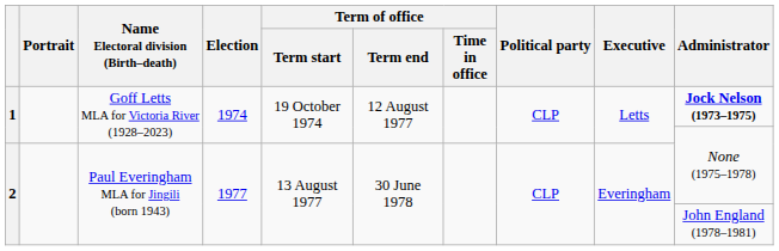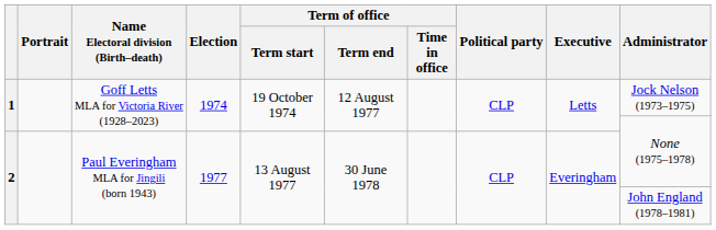 <table class="wikitable" style="text-align:center">
 <tr>
 <th rowspan="2"></th>
 <th rowspan="2">Portrait</th>
 <th rowspan="2">Name<br><small>Electoral division<br>(Birth–death)</small></th>
 <th rowspan="2">Election</th>
 <th colspan="3">Term of office</th>
 <th rowspan="2">Political party</th>
 <th rowspan="2">Executive</th>
 <th rowspan="2">Administrator</th>
 </tr>
 <tr>
 <th width="90px">Term start</th>
 <th width="90px">Term end</th>
 <th width="50px">Time in office</th>
 </tr>
 <tr>
 <th rowspan="2" >1</th>
 <td rowspan="2"></td>
 <td rowspan="2"><a href='#'>Goff Letts</a><br><small>MLA for <a href='#'>Victoria River</a></small><br><small>(1928–2023)</small></td>
 <td rowspan="2"><a href='#'>1974</a></td>
 <td rowspan="2">19 October<br>1974</td>
 <td rowspan="2">12 August<br>1977</td>
 <td rowspan="2"></td>
 <td rowspan="2"><a href='#'>CLP</a></td>
 <td rowspan="2"><a href='#'>Letts</a></td>
-<td><strong><a href='#'>Jock Nelson</a><br><small>(1973–1975)</small></strong></td>
+<td><a href='#'>Jock Nelson</a><br><small>(1973–1975)</small></td>
 </tr>
 <tr>
 <td rowspan="2"><em>None</em><br><small>(1975–1978)</small></td>
 </tr>
 <tr style="height:65px">
 <th rowspan="2" >2</th>
 <td rowspan="2"></td>
 <td rowspan="2"><a href='#'>Paul Everingham</a><br><small>MLA for <a href='#'>Jingili</a></small><br><small>(born 1943)</small></td>
 <td rowspan="2"><a href='#'>1977</a></td>
 <td rowspan="2">13 August<br>1977</td>
 <td rowspan="2">30 June<br>1978</td>
 <td rowspan="2"></td>
 <td rowspan="2"><a href='#'>CLP</a></td>
 <td rowspan="2"><a href='#'>Everingham</a></td>
 </tr>
 <tr>
 <td><a href='#'>John England</a><br><small>(1978–1981)</small></td>
 </tr>
 </table>
